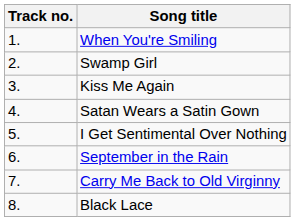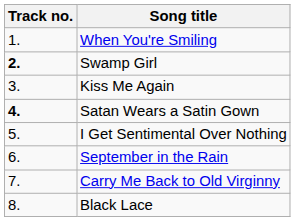 <table class="wikitable">
 <tr>
 <th>Track no.</th>
 <th>Song title</th>
 </tr>
 <tr>
 <td>1.</td>
 <td><a href='#'>When You're Smiling</a></td>
 </tr>
 <tr>
-<td>2.</td>
+<td><strong>2.</strong></td>
 <td>Swamp Girl</td>
 </tr>
 <tr>
 <td>3.</td>
 <td>Kiss Me Again</td>
 </tr>
 <tr>
-<td>4.</td>
+<td><strong>4.</strong></td>
 <td>Satan Wears a Satin Gown</td>
 </tr>
 <tr>
 <td>5.</td>
 <td>I Get Sentimental Over Nothing</td>
 </tr>
 <tr>
 <td>6.</td>
 <td><a href='#'>September in the Rain</a></td>
 </tr>
 <tr>
 <td>7.</td>
 <td><a href='#'>Carry Me Back to Old Virginny</a></td>
 </tr>
 <tr>
 <td>8.</td>
 <td>Black Lace</td>
 </tr>
 </table>
